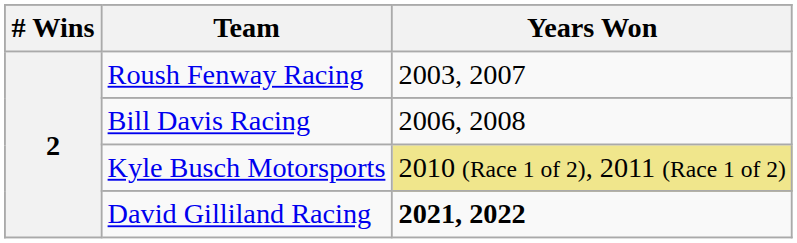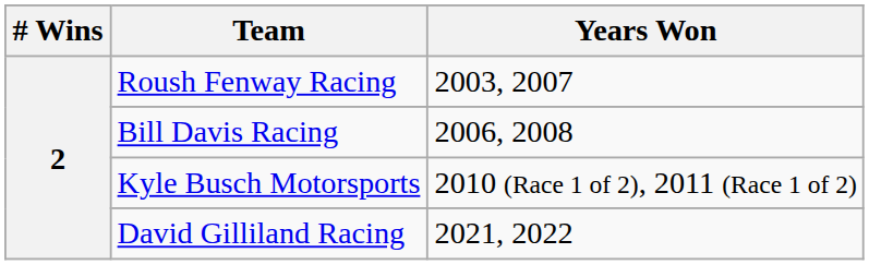 <table class="wikitable" style="font-size: 95%;">
 <tr>
 <th># Wins</th>
 <th>Team</th>
 <th>Years Won</th>
 </tr>
 <tr>
 <th rowspan="4">2</th>
 <td><a href='#'>Roush Fenway Racing</a></td>
 <td>2003, 2007</td>
 </tr>
 <tr>
 <td><a href='#'>Bill Davis Racing</a></td>
 <td>2006, 2008</td>
 </tr>
 <tr>
 <td><a href='#'>Kyle Busch Motorsports</a></td>
-<td style="background: khaki;">2010 <small>(Race 1 of 2)</small>, 2011 <small>(Race 1 of 2)</small></td>
+<td>2010 <small>(Race 1 of 2)</small>, 2011 <small>(Race 1 of 2)</small></td>
 </tr>
 <tr>
 <td><a href='#'>David Gilliland Racing</a></td>
-<td><strong>2021, 2022</strong></td>
+<td>2021, 2022</td>
 </tr>
 </table>
